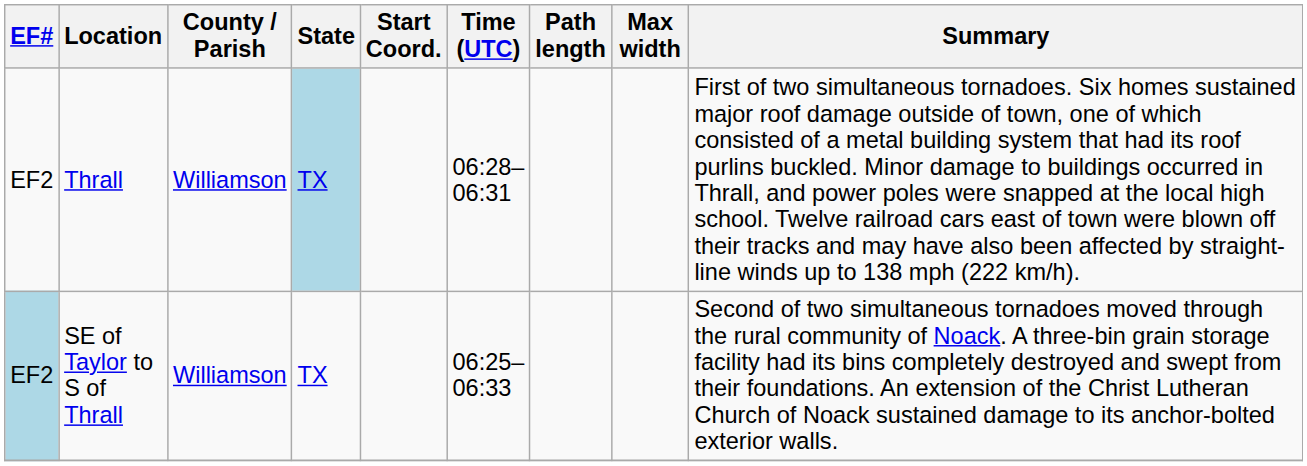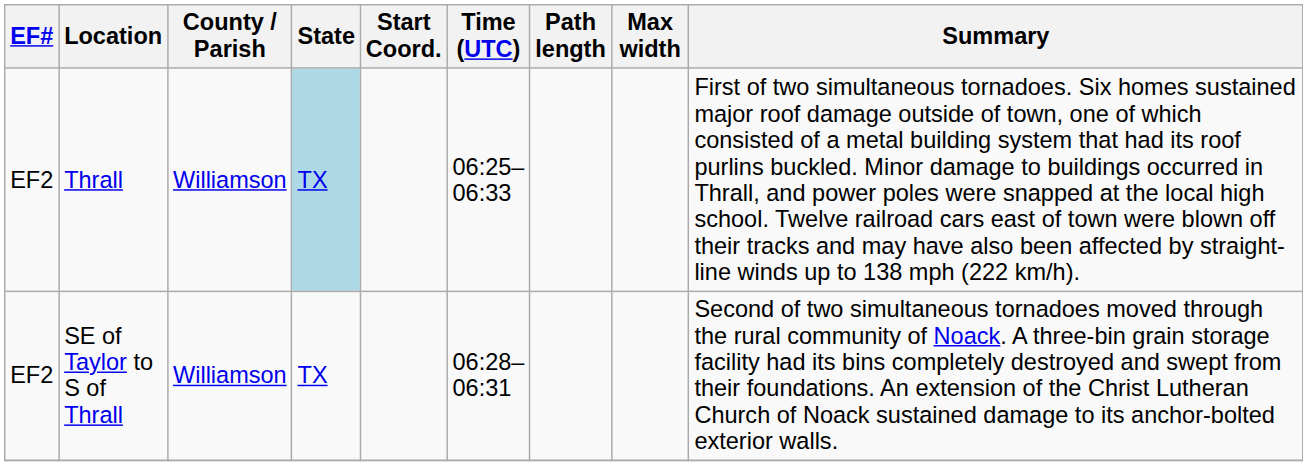 <table class="wikitable sortable" style="width:100%;">
 <tr>
 <th scope="col" style="width:3%; text-align:center;"><a href='#'>EF#</a></th>
 <th scope="col" style="width:7%; text-align:center;" class="unsortable">Location</th>
 <th scope="col" style="width:6%; text-align:center;" class="unsortable">County / Parish</th>
 <th scope="col" style="width:5%; text-align:center;">State</th>
 <th scope="col" style="width:6%; text-align:center;">Start Coord.</th>
 <th scope="col" style="width:6%; text-align:center;">Time (<a href='#'>UTC</a>)</th>
 <th scope="col" style="width:6%; text-align:center;">Path length</th>
 <th scope="col" style="width:6%; text-align:center;">Max width</th>
 <th scope="col" class="unsortable" style="width:48%; text-align:center;">Summary</th>
 </tr>
 <tr>
 <td>EF2</td>
 <td><a href='#'>Thrall</a></td>
 <td><a href='#'>Williamson</a></td>
 <td style="background: lightblue;"><a href='#'>TX</a></td>
 <td></td>
-<td>06:28–06:31</td>
+<td>06:25–06:33</td>
 <td></td>
 <td></td>
 <td>First of two simultaneous tornadoes. Six homes sustained major roof damage outside of town, one of which consisted of a metal building system that had its roof purlins buckled. Minor damage to buildings occurred in Thrall, and power poles were snapped at the local high school. Twelve railroad cars east of town were blown off their tracks and may have also been affected by straight-line winds up to 138 mph (222 km/h).</td>
 </tr>
 <tr>
-<td style="background: lightblue;">EF2</td>
+<td>EF2</td>
 <td>SE of <a href='#'>Taylor</a> to S of <a href='#'>Thrall</a></td>
 <td><a href='#'>Williamson</a></td>
 <td><a href='#'>TX</a></td>
 <td></td>
-<td>06:25–06:33</td>
+<td>06:28–06:31</td>
 <td></td>
 <td></td>
 <td>Second of two simultaneous tornadoes moved through the rural community of <a href='#'>Noack</a>. A three-bin grain storage facility had its bins completely destroyed and swept from their foundations. An extension of the Christ Lutheran Church of Noack sustained damage to its anchor-bolted exterior walls.</td>
 </tr>
 <tr>
 </tr>
 </table>
